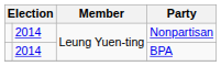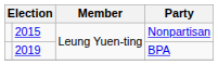 <table class="wikitable">
 <tr>
 <th colspan="2">Election</th>
 <th>Member</th>
 <th>Party</th>
 </tr>
 <tr>
 <td style="background-color:"></td>
-<td><a href='#'>2014</a></td>
+<td><a href='#'>2015</a></td>
 <td rowspan=2>Leung Yuen-ting</td>
 <td><a href='#'>Nonpartisan</a></td>
 </tr>
 <tr>
 <td style="background-color:"></td>
-<td><a href='#'>2014</a></td>
+<td><a href='#'>2019</a></td>
 <td><a href='#'>BPA</a></td>
 </tr>
 <tr>
 </tr>
 </table>
